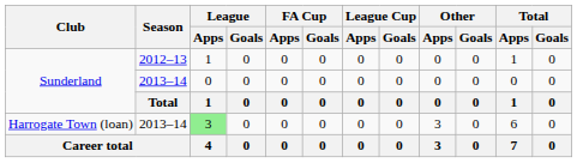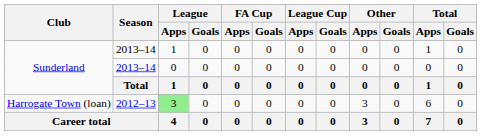 <table class="wikitable" style="text-align: center;">
 <tr>
 <th rowspan="2">Club</th>
 <th rowspan="2">Season</th>
 <th colspan="2">League</th>
 <th colspan="2">FA Cup</th>
 <th colspan="2">League Cup</th>
 <th colspan="2">Other</th>
 <th colspan="2">Total</th>
 </tr>
 <tr>
 <th>Apps</th>
 <th>Goals</th>
 <th>Apps</th>
 <th>Goals</th>
 <th>Apps</th>
 <th>Goals</th>
 <th>Apps</th>
 <th>Goals</th>
 <th>Apps</th>
 <th>Goals</th>
 </tr>
 <tr>
 <td rowspan="3" valign="center"><a href='#'>Sunderland</a></td>
-<td><a href='#'>2012–13</a></td>
+<td>2013–14</td>
 <td>1</td>
 <td>0</td>
 <td>0</td>
 <td>0</td>
 <td>0</td>
 <td>0</td>
 <td>0</td>
 <td>0</td>
 <td>1</td>
 <td>0</td>
 </tr>
 <tr>
 <td><a href='#'>2013–14</a></td>
 <td>0</td>
 <td>0</td>
 <td>0</td>
 <td>0</td>
 <td>0</td>
 <td>0</td>
 <td>0</td>
 <td>0</td>
 <td>0</td>
 <td>0</td>
 </tr>
 <tr>
 <th>Total</th>
 <th>1</th>
 <th>0</th>
 <th>0</th>
 <th>0</th>
 <th>0</th>
 <th>0</th>
 <th>0</th>
 <th>0</th>
 <th>1</th>
 <th>0</th>
 </tr>
 <tr>
 <td rowspan="1" valign="center"><a href='#'>Harrogate Town</a> (loan)</td>
-<td>2013–14</td>
+<td><a href='#'>2012–13</a></td>
 <td style="background: lightgreen;">3</td>
 <td>0</td>
 <td>0</td>
 <td>0</td>
 <td>0</td>
 <td>0</td>
 <td>3</td>
 <td>0</td>
 <td>6</td>
 <td>0</td>
 </tr>
 <tr>
 <th colspan="2">Career total</th>
 <th>4</th>
 <th>0</th>
 <th>0</th>
 <th>0</th>
 <th>0</th>
 <th>0</th>
 <th>3</th>
 <th>0</th>
 <th>7</th>
 <th>0</th>
 </tr>
 </table>
